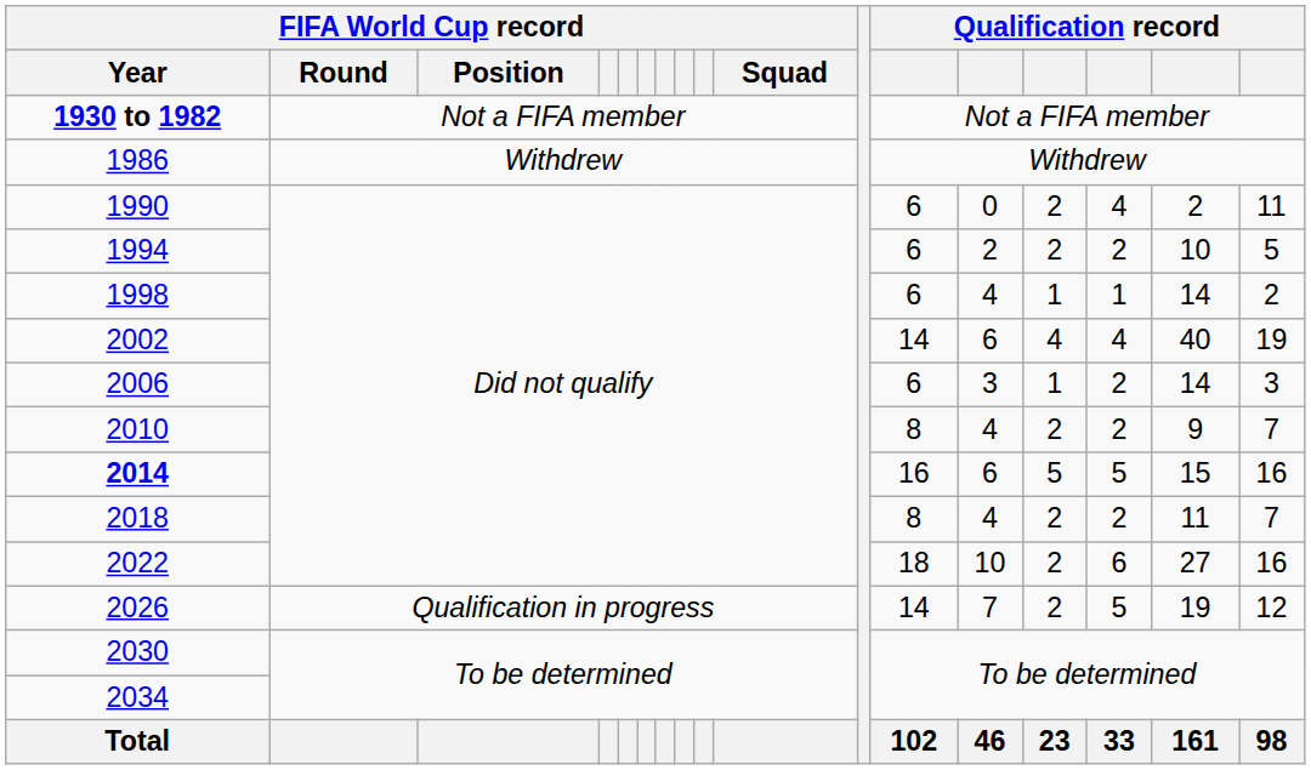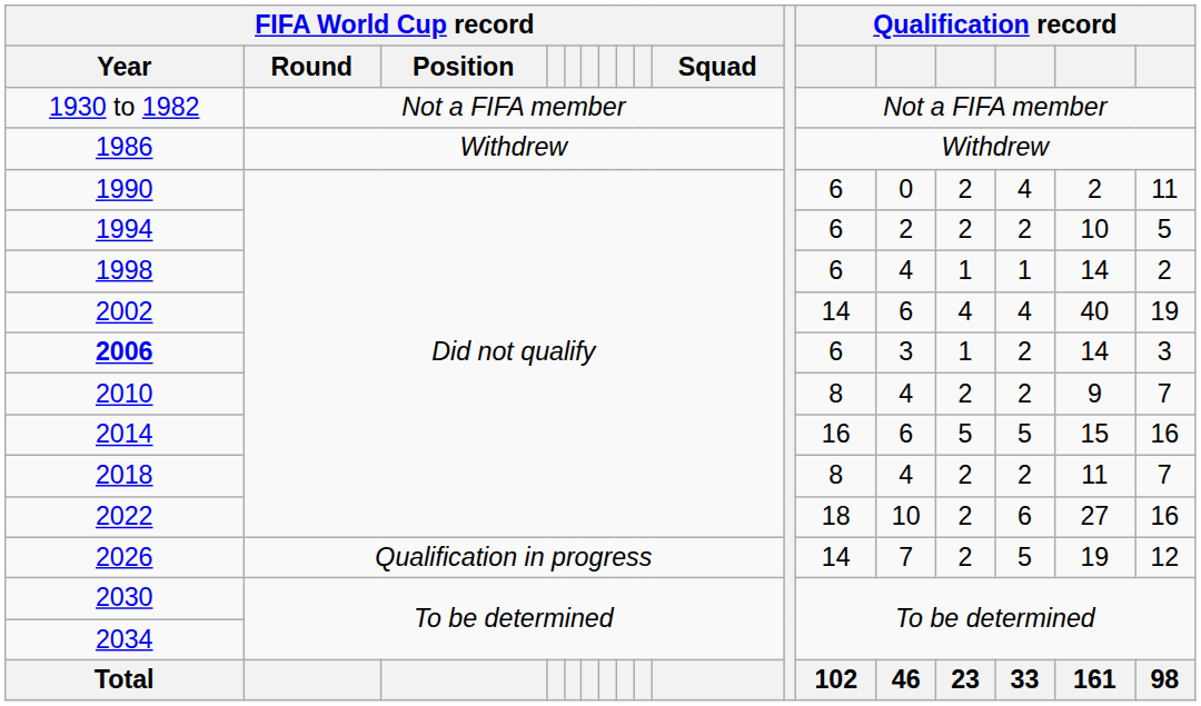 <table class="wikitable" style="text-align: center;">
 <tr>
 <th colspan=10><a href='#'>FIFA World Cup</a> record</th>
 <th style="width:1%;" rowspan=17></th>
 <th colspan=6><a href='#'>Qualification</a> record</th>
 </tr>
 <tr>
 <th>Year</th>
 <th>Round</th>
 <th>Position</th>
 <th></th>
 <th></th>
 <th></th>
 <th></th>
 <th></th>
 <th></th>
 <th>Squad</th>
 <th></th>
 <th></th>
 <th></th>
 <th></th>
 <th></th>
 <th></th>
 </tr>
 <tr>
-<td><strong> <a href='#'>1930</a> to  <a href='#'>1982</a></strong></td>
+<td> <a href='#'>1930</a> to  <a href='#'>1982</a></td>
 <td colspan=9><em>Not a FIFA member</em></td>
 <td colspan=8><em>Not a FIFA member</em></td>
 </tr>
 <tr>
 <td> <a href='#'>1986</a></td>
 <td colspan=9><em>Withdrew</em></td>
 <td colspan=8><em>Withdrew</em></td>
 </tr>
 <tr>
 <td> <a href='#'>1990</a></td>
 <td rowspan=9 colspan=9><em>Did not qualify</em></td>
 <td>6</td>
 <td>0</td>
 <td>2</td>
 <td>4</td>
 <td>2</td>
 <td>11</td>
 </tr>
 <tr>
 <td> <a href='#'>1994</a></td>
 <td>6</td>
 <td>2</td>
 <td>2</td>
 <td>2</td>
 <td>10</td>
 <td>5</td>
 </tr>
 <tr>
 <td> <a href='#'>1998</a></td>
 <td>6</td>
 <td>4</td>
 <td>1</td>
 <td>1</td>
 <td>14</td>
 <td>2</td>
 </tr>
 <tr>
 <td>  <a href='#'>2002</a></td>
 <td>14</td>
 <td>6</td>
 <td>4</td>
 <td>4</td>
 <td>40</td>
 <td>19</td>
 </tr>
 <tr>
-<td> <a href='#'>2006</a></td>
+<td><strong> <a href='#'>2006</a></strong></td>
 <td>6</td>
 <td>3</td>
 <td>1</td>
 <td>2</td>
 <td>14</td>
 <td>3</td>
 </tr>
 <tr>
 <td> <a href='#'>2010</a></td>
 <td>8</td>
 <td>4</td>
 <td>2</td>
 <td>2</td>
 <td>9</td>
 <td>7</td>
 </tr>
 <tr>
-<td><strong> <a href='#'>2014</a></strong></td>
+<td> <a href='#'>2014</a></td>
 <td>16</td>
 <td>6</td>
 <td>5</td>
 <td>5</td>
 <td>15</td>
 <td>16</td>
 </tr>
 <tr>
 <td> <a href='#'>2018</a></td>
 <td>8</td>
 <td>4</td>
 <td>2</td>
 <td>2</td>
 <td>11</td>
 <td>7</td>
 </tr>
 <tr>
 <td> <a href='#'>2022</a></td>
 <td>18</td>
 <td>10</td>
 <td>2</td>
 <td>6</td>
 <td>27</td>
 <td>16</td>
 </tr>
 <tr>
 <td>   <a href='#'>2026</a></td>
 <td colspan=9><em>Qualification in progress</em></td>
 <td>14</td>
 <td>7</td>
 <td>2</td>
 <td>5</td>
 <td>19</td>
 <td>12</td>
 </tr>
 <tr>
 <td>   <a href='#'>2030</a></td>
 <td colspan=9 rowspan=2><em>To be determined</em></td>
 <td colspan=6 rowspan=2><em>To be determined</em></td>
 </tr>
 <tr>
 <td> <a href='#'>2034</a></td>
 </tr>
 <tr>
 <th>Total</th>
 <th></th>
 <th></th>
 <th></th>
 <th></th>
 <th></th>
 <th></th>
 <th></th>
 <th></th>
 <th></th>
 <th>102</th>
 <th>46</th>
 <th>23</th>
 <th>33</th>
 <th>161</th>
 <th>98</th>
 </tr>
 </table>
